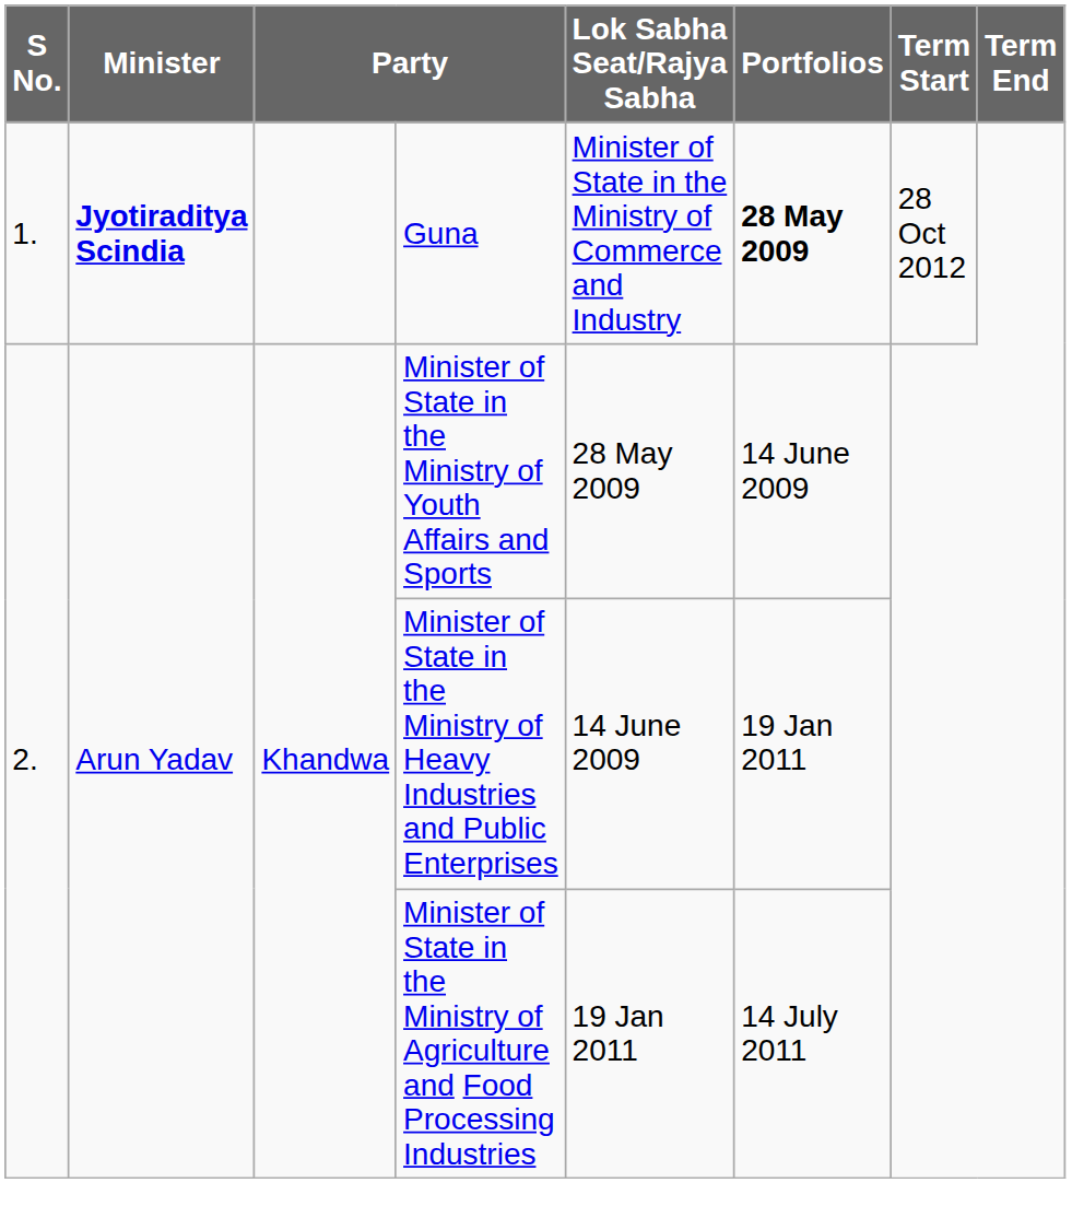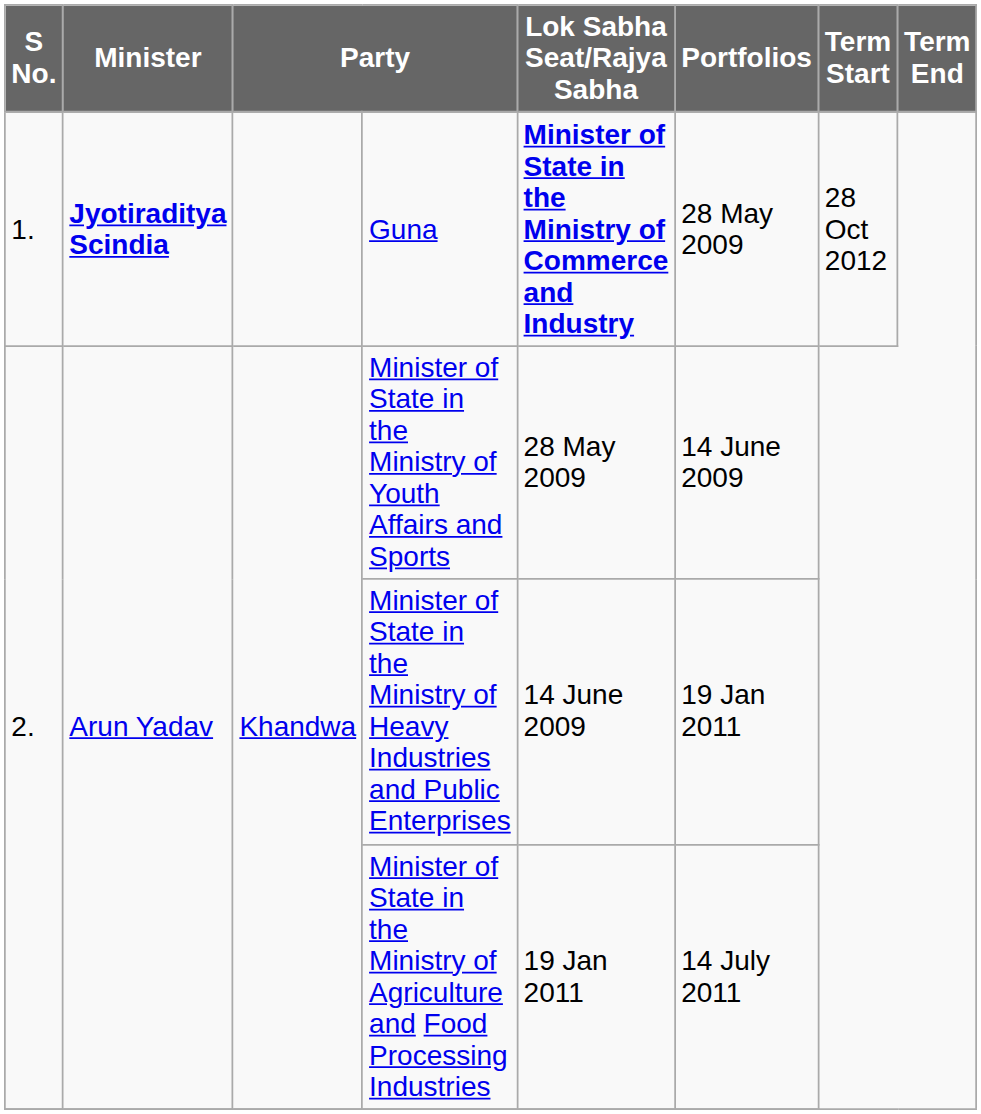 <table class="wikitable" width="80%" style="font-size: x-big;">
 <tr>
 <th style="background-color:#666666; color:white">S No.</th>
 <th style="background-color:#666666; color:white; width:180px">Minister</th>
 <th colspan="2" style="background-color:#666666; color:white">Party</th>
 <th style="background-color:#666666; color:white">Lok Sabha Seat/Rajya Sabha</th>
 <th style="background-color:#666666; color:white">Portfolios</th>
 <th style="background-color:#666666; color:white">Term Start</th>
 <th style="background-color:#666666; color:white">Term End</th>
 </tr>
 <tr>
 <td>1.</td>
 <td><strong><a href='#'>Jyotiraditya Scindia</a></strong></td>
 <td></td>
 <td><a href='#'>Guna</a></td>
-<td><a href='#'>Minister of State in the Ministry of Commerce and Industry</a></td>
-<td><strong>28 May 2009</strong></td>
+<td><strong><a href='#'>Minister of State in the Ministry of Commerce and Industry</a></strong></td>
+<td>28 May 2009</td>
 <td>28 Oct 2012</td>
 </tr>
 <tr>
 <td rowspan=3>2.</td>
 <td rowspan=3><a href='#'>Arun Yadav</a></td>
 <td rowspan=3><a href='#'>Khandwa</a></td>
 <td><a href='#'>Minister of State in the Ministry of Youth Affairs and Sports</a></td>
 <td>28 May 2009</td>
 <td>14 June 2009</td>
 </tr>
 <tr>
 <td><a href='#'>Minister of State in the Ministry of Heavy Industries and Public Enterprises</a></td>
 <td>14 June 2009</td>
 <td>19 Jan 2011</td>
 </tr>
 <tr>
 <td><a href='#'>Minister of State in the Ministry of Agriculture and</a> <a href='#'>Food Processing Industries</a></td>
 <td>19 Jan 2011</td>
 <td>14 July 2011</td>
 </tr>
 <tr>
 </tr>
 </table>
